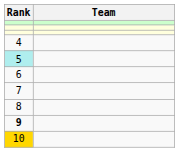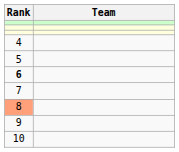 <table class=wikitable style="text-align:center;">
 <tr>
 <th>Rank</th>
 <th width=180>Team</th>
 </tr>
 <tr bgcolor=ccffcc>
 <td></td>
 <td align=left></td>
 </tr>
 <tr bgcolor=#ffffdd>
 <td></td>
 <td align=left></td>
 </tr>
 <tr bgcolor=#ffffdd>
 <td></td>
 <td align=left></td>
 </tr>
 <tr>
 <td>4</td>
 <td align=left></td>
 </tr>
 <tr>
-<td style="background: paleturquoise;">5</td>
+<td>5</td>
 <td align=left></td>
 </tr>
 <tr>
-<td>6</td>
+<td><strong>6</strong></td>
 <td align=left></td>
 </tr>
 <tr>
 <td>7</td>
 <td align=left></td>
 </tr>
 <tr>
-<td>8</td>
+<td style="background: lightsalmon;">8</td>
 <td align=left></td>
 </tr>
 <tr>
-<td><strong>9</strong></td>
+<td>9</td>
 <td align=left></td>
 </tr>
 <tr>
-<td style="background: gold;">10</td>
+<td>10</td>
 <td align=left></td>
 </tr>
 </table>
